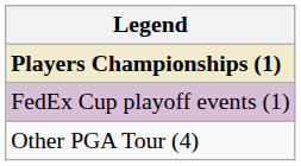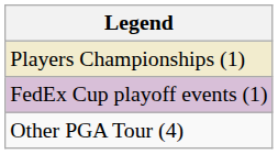 <table class="wikitable" style="font-size:95%;">
 <tr>
 <th>Legend</th>
 </tr>
 <tr style="background:#f2ecce;">
-<td><strong>Players Championships (1)</strong></td>
+<td>Players Championships (1)</td>
 </tr>
 <tr style="background:thistle;">
 <td>FedEx Cup playoff events (1)</td>
 </tr>
 <tr>
 <td>Other PGA Tour (4)</td>
 </tr>
 </table>
